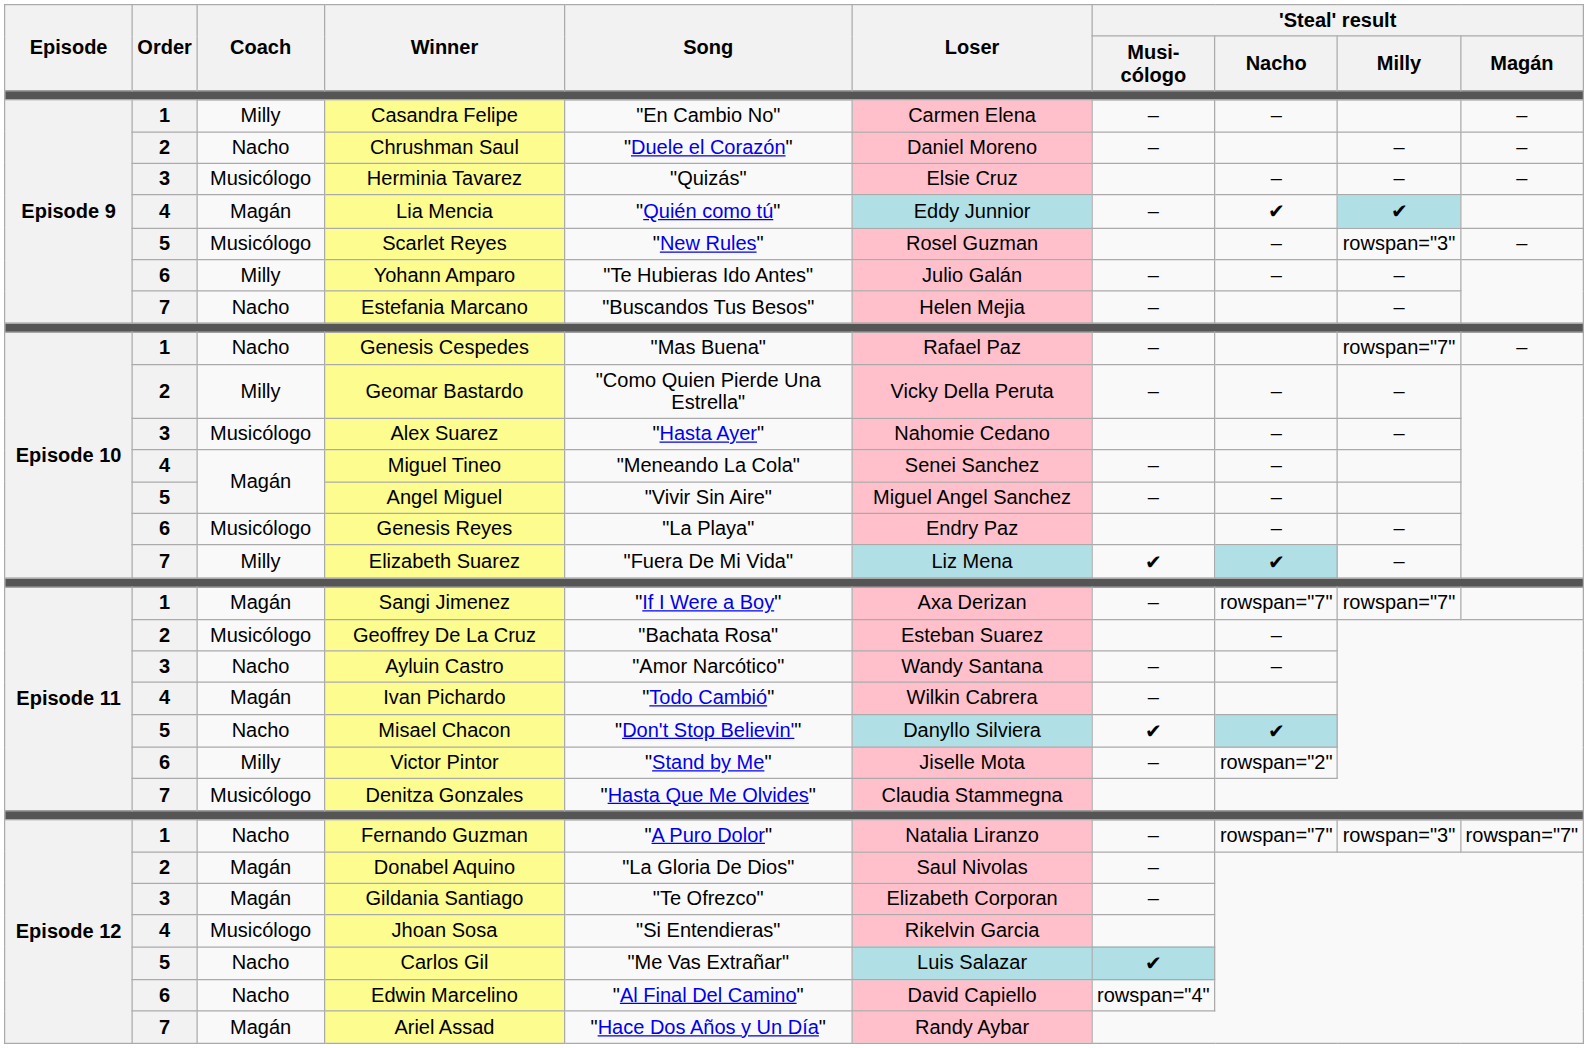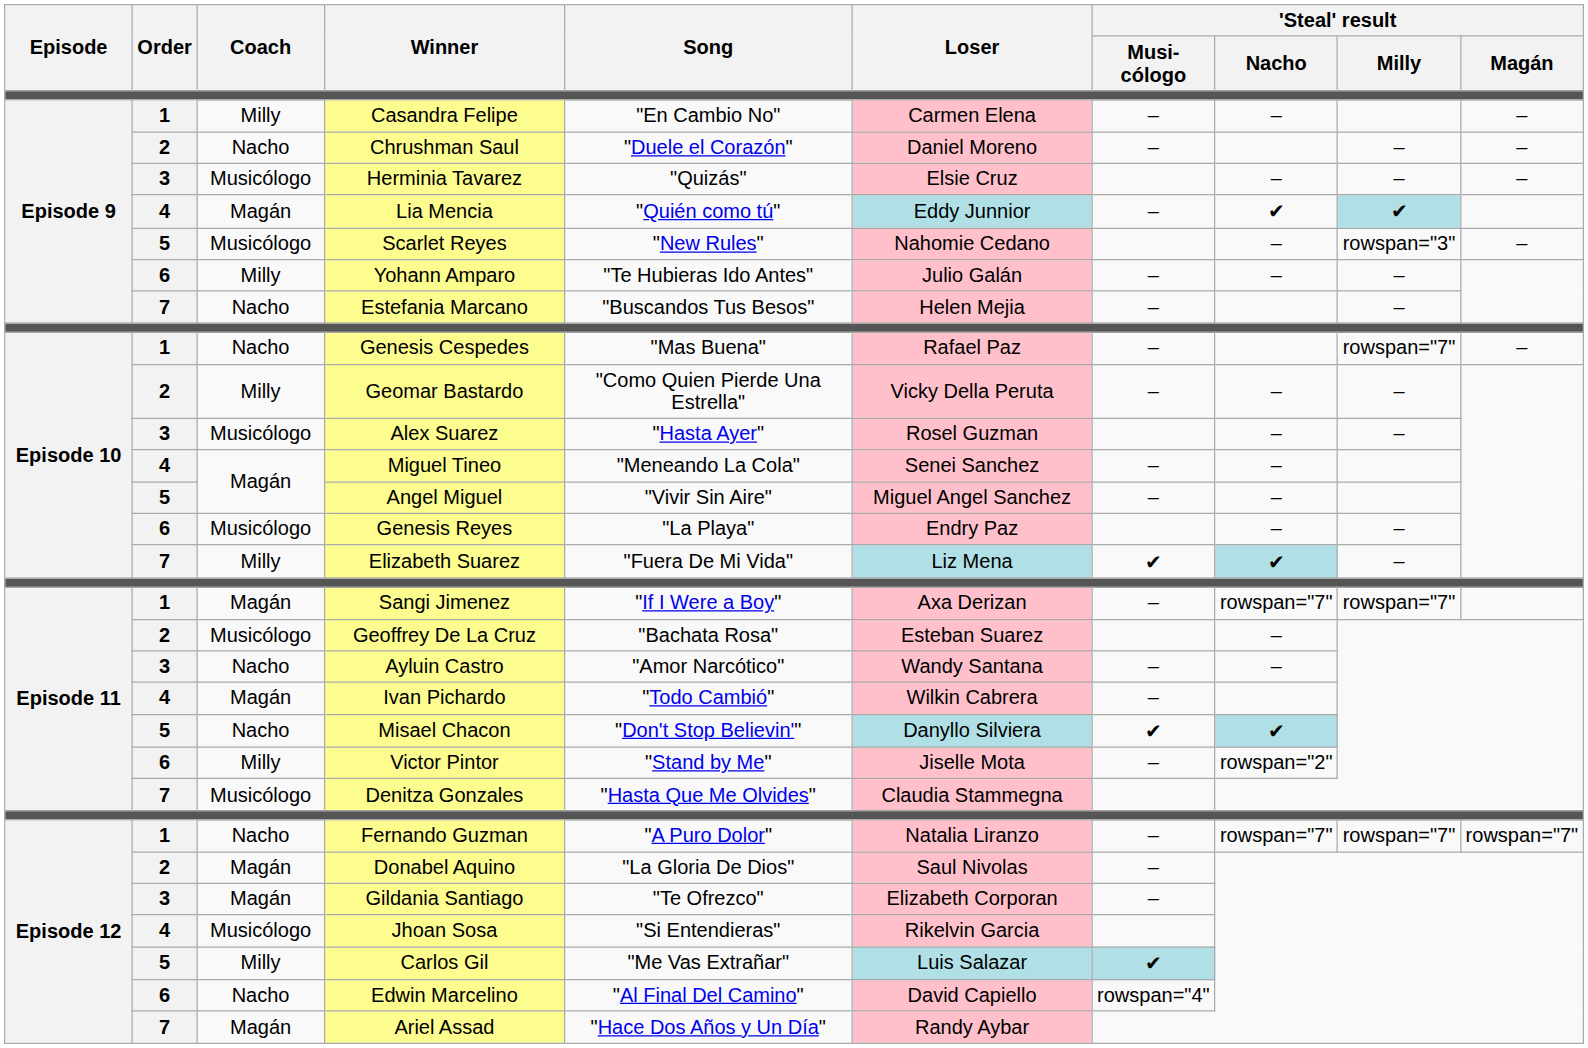 <table class="wikitable" style="text-align:center; width:100%">
 <tr>
 <th rowspan="2" style="width:08%">Episode</th>
 <th rowspan="2" style="width:02%">Order</th>
 <th rowspan="2" style="width:08%">Coach</th>
 <th rowspan="2" style="width:15%">Winner</th>
 <th rowspan="2" style="width:18%">Song</th>
 <th rowspan="2" style="width:15%">Loser</th>
 <th colspan="4" style="width:20%">'Steal' result</th>
 </tr>
 <tr>
 <th style="width:05%">Musi-cólogo</th>
 <th style="width:05%">Nacho</th>
 <th style="width:05%">Milly</th>
 <th style="width:05%">Magán</th>
 </tr>
 <tr>
 <td colspan="10" style="background:#555"></td>
 </tr>
 <tr>
 <th rowspan="7">Episode 9<br></th>
 <th>1</th>
 <td>Milly</td>
 <td style="background:#fdfc8f">Casandra Felipe</td>
 <td>"En Cambio No"</td>
 <td style="background: pink">Carmen Elena</td>
 <td>–</td>
 <td>–</td>
 <td></td>
 <td>–</td>
 </tr>
 <tr>
 <th>2</th>
 <td>Nacho</td>
 <td style="background:#fdfc8f">Chrushman Saul</td>
 <td>"<a href='#'>Duele el Corazón</a>"</td>
 <td style="background: pink">Daniel Moreno</td>
 <td>–</td>
 <td></td>
 <td>–</td>
 <td>–</td>
 </tr>
 <tr>
 <th>3</th>
 <td>Musicólogo</td>
 <td style="background:#fdfc8f">Herminia Tavarez</td>
 <td>"Quizás"</td>
 <td style="background: pink">Elsie Cruz</td>
 <td></td>
 <td>–</td>
 <td>–</td>
 <td>–</td>
 </tr>
 <tr>
 <th>4</th>
 <td>Magán</td>
 <td style="background:#fdfc8f">Lia Mencia</td>
 <td>"<a href='#'>Quién como tú</a>"</td>
 <td style="background:#b0e0e6">Eddy Junnior</td>
 <td>–</td>
 <td>✔</td>
 <td style="background:#b0e0e6">✔</td>
 <td></td>
 </tr>
 <tr>
 <th>5</th>
 <td>Musicólogo</td>
 <td style="background:#fdfc8f">Scarlet Reyes</td>
 <td>"<a href='#'>New Rules</a>"</td>
-<td style="background: pink">Rosel Guzman</td>
+<td style="background: pink">Nahomie Cedano</td>
 <td></td>
 <td>–</td>
 <td>rowspan="3" </td>
 <td>–</td>
 </tr>
 <tr>
 <th>6</th>
 <td>Milly</td>
 <td style="background:#fdfc8f">Yohann Amparo</td>
 <td>"Te Hubieras Ido Antes"</td>
 <td style="background: pink">Julio Galán</td>
 <td>–</td>
 <td>–</td>
 <td>–</td>
 </tr>
 <tr>
 <th>7</th>
 <td>Nacho</td>
 <td style="background:#fdfc8f">Estefania Marcano</td>
 <td>"Buscandos Tus Besos"</td>
 <td style="background: pink">Helen Mejia</td>
 <td>–</td>
 <td></td>
 <td>–</td>
 </tr>
 <tr>
 <td colspan="10" style="background:#555"></td>
 </tr>
 <tr>
 <th rowspan="7">Episode 10<br></th>
 <th>1</th>
 <td>Nacho</td>
 <td style="background:#fdfc8f">Genesis Cespedes</td>
 <td>"Mas Buena"</td>
 <td style="background: pink">Rafael Paz</td>
 <td>–</td>
 <td></td>
 <td>rowspan="7" </td>
 <td>–</td>
 </tr>
 <tr>
 <th>2</th>
 <td>Milly</td>
 <td style="background:#fdfc8f">Geomar Bastardo</td>
 <td>"Como Quien Pierde Una Estrella"</td>
 <td style="background: pink">Vicky Della Peruta</td>
 <td>–</td>
 <td>–</td>
 <td>–</td>
 </tr>
 <tr>
 <th>3</th>
 <td>Musicólogo</td>
 <td style="background:#fdfc8f">Alex Suarez</td>
 <td>"<a href='#'>Hasta Ayer</a>"</td>
-<td style="background: pink">Nahomie Cedano</td>
+<td style="background: pink">Rosel Guzman</td>
 <td></td>
 <td>–</td>
 <td>–</td>
 </tr>
 <tr>
 <th>4</th>
 <td rowspan="2">Magán</td>
 <td style="background:#fdfc8f">Miguel Tineo</td>
 <td>"Meneando La Cola"</td>
 <td style="background:pink">Senei Sanchez</td>
 <td>–</td>
 <td>–</td>
 <td></td>
 </tr>
 <tr>
 <th>5</th>
 <td style="background:#fdfc8f">Angel Miguel</td>
 <td>"Vivir Sin Aire"</td>
 <td style="background: pink">Miguel Angel Sanchez</td>
 <td>–</td>
 <td>–</td>
 <td></td>
 </tr>
 <tr>
 <th>6</th>
 <td>Musicólogo</td>
 <td style="background:#fdfc8f">Genesis Reyes</td>
 <td>"La Playa"</td>
 <td style="background: pink">Endry Paz</td>
 <td></td>
 <td>–</td>
 <td>–</td>
 </tr>
 <tr>
 <th>7</th>
 <td>Milly</td>
 <td style="background:#fdfc8f">Elizabeth Suarez</td>
 <td>"Fuera De Mi Vida"</td>
 <td style="background:#b0e0e6">Liz Mena</td>
 <td>✔</td>
 <td style="background:#b0e0e6">✔</td>
 <td>–</td>
 </tr>
 <tr>
 <td colspan="10" style="background:#555"></td>
 </tr>
 <tr>
 <th rowspan="7">Episode 11<br></th>
 <th>1</th>
 <td>Magán</td>
 <td style="background:#fdfc8f">Sangi Jimenez</td>
 <td>"<a href='#'>If I Were a Boy</a>"</td>
 <td style="background:pink">Axa Derizan</td>
 <td>–</td>
 <td>rowspan="7" </td>
 <td>rowspan="7" </td>
 <td></td>
 </tr>
 <tr>
 <th>2</th>
 <td>Musicólogo</td>
 <td style="background:#fdfc8f">Geoffrey De La Cruz</td>
 <td>"Bachata Rosa"</td>
 <td style="background:pink">Esteban Suarez</td>
 <td></td>
 <td>–</td>
 </tr>
 <tr>
 <th>3</th>
 <td>Nacho</td>
 <td style="background:#fdfc8f">Ayluin Castro</td>
 <td>"Amor Narcótico"</td>
 <td style="background:pink">Wandy Santana</td>
 <td>–</td>
 <td>–</td>
 </tr>
 <tr>
 <th>4</th>
 <td>Magán</td>
 <td style="background:#fdfc8f">Ivan Pichardo</td>
 <td>"<a href='#'>Todo Cambió</a>"</td>
 <td style="background:pink">Wilkin Cabrera</td>
 <td>–</td>
 <td></td>
 </tr>
 <tr>
 <th>5</th>
 <td>Nacho</td>
 <td style="background:#fdfc8f">Misael Chacon</td>
 <td>"<a href='#'>Don't Stop Believin'</a>"</td>
 <td style="background:#b0e0e6">Danyllo Silviera</td>
 <td>✔</td>
 <td style="background:#b0e0e6">✔</td>
 </tr>
 <tr>
 <th>6</th>
 <td>Milly</td>
 <td style="background:#fdfc8f">Victor Pintor</td>
 <td>"<a href='#'>Stand by Me</a>"</td>
 <td style="background:pink">Jiselle Mota</td>
 <td>–</td>
 <td>rowspan="2" </td>
 </tr>
 <tr>
 <th>7</th>
 <td>Musicólogo</td>
 <td style="background:#fdfc8f">Denitza Gonzales</td>
 <td>"<a href='#'>Hasta Que Me Olvides</a>"</td>
 <td style="background:pink">Claudia Stammegna</td>
 <td></td>
 </tr>
 <tr>
 <td colspan="10" style="background:#555"></td>
 </tr>
 <tr>
 <th rowspan="7">Episode 12<br></th>
 <th>1</th>
 <td>Nacho</td>
 <td style="background:#fdfc8f">Fernando Guzman</td>
 <td>"<a href='#'>A Puro Dolor</a>"</td>
 <td style="background:pink">Natalia Liranzo</td>
 <td>–</td>
 <td>rowspan="7" </td>
-<td>rowspan="3" </td>
+<td>rowspan="7" </td>
 <td>rowspan="7" </td>
 </tr>
 <tr>
 <th>2</th>
 <td>Magán</td>
 <td style="background:#fdfc8f">Donabel Aquino</td>
 <td>"La Gloria De Dios"</td>
 <td style="background:pink">Saul Nivolas</td>
 <td>–</td>
 </tr>
 <tr>
 <th>3</th>
 <td>Magán</td>
 <td style="background:#fdfc8f">Gildania Santiago</td>
 <td>"Te Ofrezco"</td>
 <td style="background:pink">Elizabeth Corporan</td>
 <td>–</td>
 </tr>
 <tr>
 <th>4</th>
 <td>Musicólogo</td>
 <td style="background:#fdfc8f">Jhoan Sosa</td>
 <td>"Si Entendieras"</td>
 <td style="background:pink">Rikelvin Garcia</td>
 <td></td>
 </tr>
 <tr>
 <th>5</th>
-<td>Nacho</td>
+<td>Milly</td>
 <td style="background:#fdfc8f">Carlos Gil</td>
 <td>"Me Vas Extrañar"</td>
 <td style="background:#b0e0e6">Luis Salazar</td>
 <td style="background:#b0e0e6">✔</td>
 </tr>
 <tr>
 <th>6</th>
 <td>Nacho</td>
 <td style="background:#fdfc8f">Edwin Marcelino</td>
 <td>"<a href='#'>Al Final Del Camino</a>"</td>
 <td style="background:pink">David Capiello</td>
 <td>rowspan="4" </td>
 </tr>
 <tr>
 <th>7</th>
 <td>Magán</td>
 <td style="background:#fdfc8f">Ariel Assad</td>
 <td>"<a href='#'>Hace Dos Años y Un Día</a>"</td>
 <td style="background:pink">Randy Aybar</td>
 </tr>
 </table>
